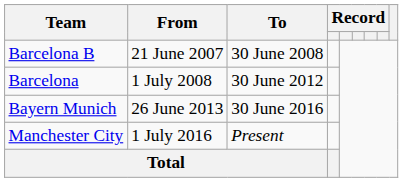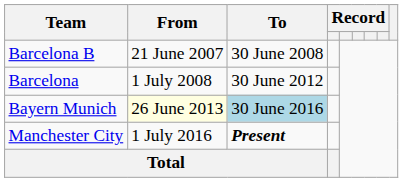 <table class="wikitable" style="text-align: center;">
 <tr>
 <th rowspan="2">Team</th>
 <th rowspan="2">From</th>
 <th rowspan="2">To</th>
 <th colspan="5">Record</th>
 <th rowspan="2"></th>
 </tr>
 <tr>
 <th></th>
 <th></th>
 <th></th>
 <th></th>
 <th></th>
 </tr>
 <tr>
 <td align="left"><a href='#'>Barcelona B</a></td>
 <td align="left">21 June 2007</td>
 <td align="left">30 June 2008<br></td>
 <td></td>
 </tr>
 <tr>
 <td align="left"><a href='#'>Barcelona</a></td>
 <td align="left">1 July 2008</td>
 <td align="left">30 June 2012<br></td>
 <td></td>
 </tr>
 <tr>
 <td align="left"><a href='#'>Bayern Munich</a></td>
-<td align="left">26 June 2013</td>
-<td align="left">30 June 2016<br></td>
+<td align="left" style="background: lightyellow;">26 June 2013</td>
+<td align="left" style="background: lightblue;">30 June 2016<br></td>
 <td></td>
 </tr>
 <tr>
 <td align="left"><a href='#'>Manchester City</a></td>
 <td align="left">1 July 2016</td>
-<td align="left"><em>Present</em><br></td>
+<td align="left"><strong><em>Present</em><br></strong></td>
 <td></td>
 </tr>
 <tr>
 <th colspan="3">Total<br></th>
 <th></th>
 </tr>
 </table>
